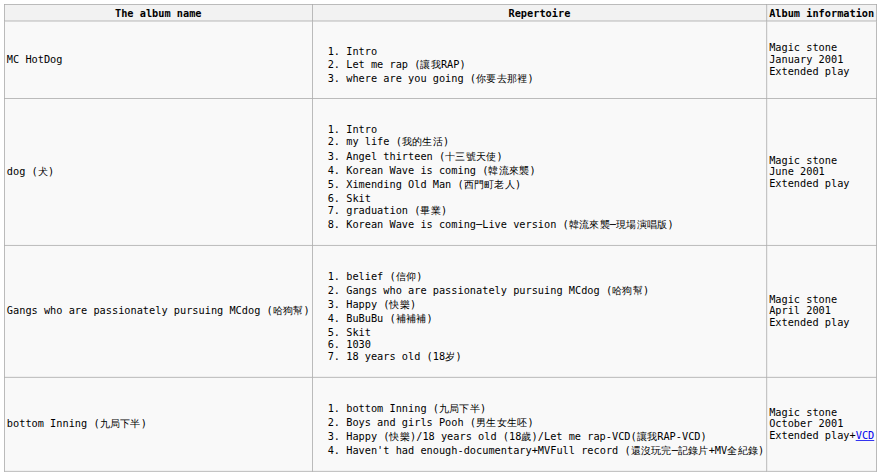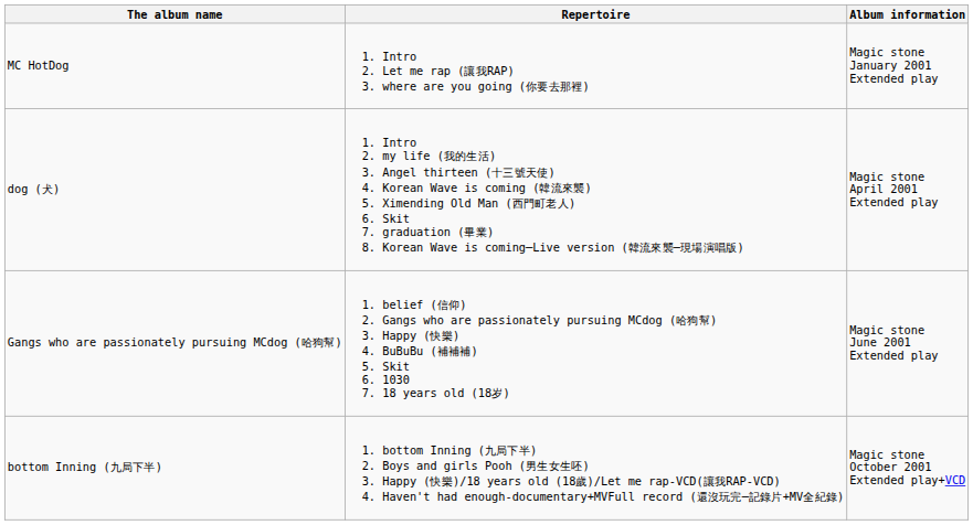 <table class="wikitable">
 <tr>
 <th>The album name</th>
 <th>Repertoire</th>
 <th>Album information</th>
 </tr>
 <tr>
 <td>MC HotDog</td>
 <td><br><ol><li>Intro</li><li>Let me rap (讓我RAP)</li><li>where are you going (你要去那裡)</li></ol></td>
 <td>Magic stone<br>January 2001<br>Extended play</td>
 </tr>
 <tr>
 <td>dog (犬)</td>
 <td><br><ol><li>Intro</li><li>my life (我的生活)</li><li>Angel thirteen (十三號天使)</li><li>Korean Wave is coming (韓流來襲)</li><li>Ximending Old Man (西門町老人)</li><li>Skit</li><li>graduation (畢業)</li><li>Korean Wave is coming─Live version (韓流來襲─現場演唱版)</li></ol></td>
-<td>Magic stone<br>June 2001<br>Extended play</td>
+<td>Magic stone<br>April 2001<br>Extended play</td>
 </tr>
 <tr>
 <td>Gangs who are passionately pursuing MCdog (哈狗幫)</td>
 <td><br><ol><li>belief (信仰)</li><li>Gangs who are passionately pursuing MCdog (哈狗幫)</li><li>Happy (快樂)</li><li>BuBuBu (補補補)</li><li>Skit</li><li>1030</li><li>18 years old  (18岁)</li></ol></td>
-<td>Magic stone<br>April 2001<br>Extended play</td>
+<td>Magic stone<br>June 2001<br>Extended play</td>
 </tr>
 <tr>
 <td>bottom Inning (九局下半)</td>
 <td><br><ol><li>bottom Inning (九局下半)</li><li>Boys and girls Pooh (男生女生呸)</li><li>Happy (快樂)/18 years old (18歲)/Let me rap-VCD(讓我RAP-VCD)</li><li>Haven't had enough-documentary+MVFull record (還沒玩完─記錄片+MV全紀錄)</li></ol></td>
 <td>Magic stone<br>October 2001<br>Extended play+<a href='#'>VCD</a></td>
 </tr>
 </table>
